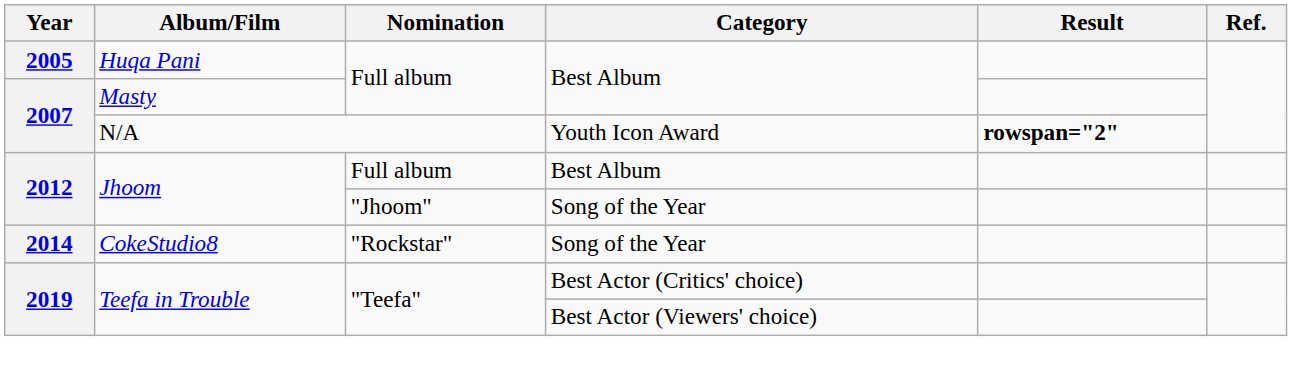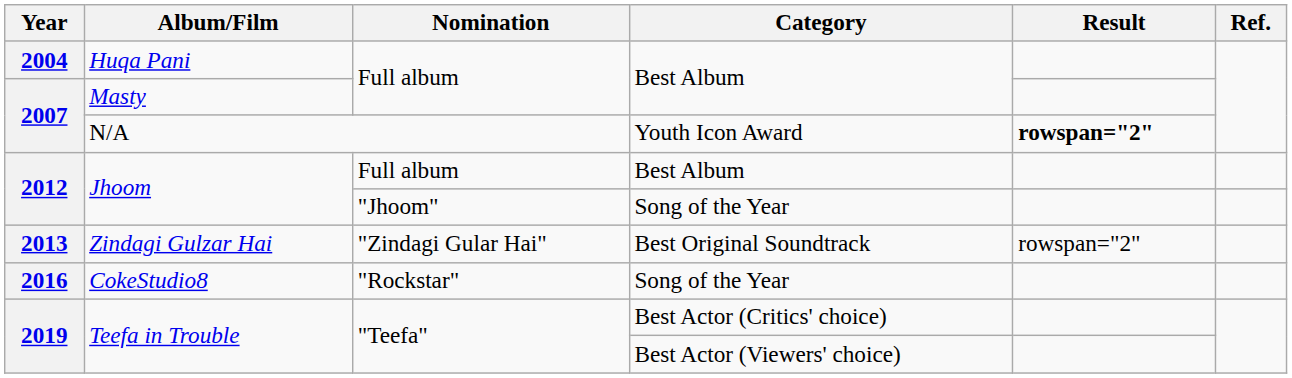 <table class="wikitable plainrowheaders" width="70%" "textcolor:#000;">
 <tr>
 <th>Year</th>
 <th>Album/Film</th>
 <th>Nomination</th>
 <th>Category</th>
 <th>Result</th>
 <th>Ref.</th>
 </tr>
 <tr>
-<th><a href='#'>2005</a></th>
+<th><a href='#'>2004</a></th>
 <td><em><a href='#'>Huqa Pani</a></em></td>
 <td rowspan="2">Full album</td>
 <td rowspan="2">Best Album</td>
 <td></td>
 <td rowspan="3"></td>
 </tr>
 <tr>
 <th rowspan="2"><a href='#'>2007</a></th>
 <td><em><a href='#'>Masty</a></em></td>
 <td></td>
 </tr>
 <tr>
 <td colspan="2">N/A</td>
 <td>Youth Icon Award</td>
 <td><strong>rowspan="2" </strong></td>
 </tr>
 <tr>
 <th rowspan=2><a href='#'>2012</a></th>
 <td rowspan="2"><em><a href='#'>Jhoom</a></em></td>
 <td>Full album</td>
 <td>Best Album</td>
 <td></td>
 </tr>
 <tr>
 <td>"Jhoom"</td>
 <td>Song of the Year</td>
 <td></td>
 <td></td>
 </tr>
 <tr>
-<th><a href='#'>2014</a></th>
+<th><a href='#'>2013</a></th>
+<td><em><a href='#'>Zindagi Gulzar Hai</a></em></td>
+<td>"Zindagi Gular Hai"</td>
+<td>Best Original Soundtrack</td>
+<td>rowspan="2" </td>
+<td></td>
+</tr>
+<tr>
+<th><a href='#'>2016</a></th>
 <td><em><a href='#'>CokeStudio8</a></em></td>
 <td>"Rockstar"</td>
 <td>Song of the Year</td>
 <td></td>
 </tr>
 <tr>
 <th rowspan="2"><a href='#'>2019</a></th>
 <td rowspan="2"><em><a href='#'>Teefa in Trouble</a></em></td>
 <td rowspan="2">"Teefa"</td>
 <td>Best Actor (Critics' choice)</td>
 <td></td>
 <td rowspan="2"></td>
 </tr>
 <tr>
 <td>Best Actor (Viewers' choice)</td>
 <td></td>
 </tr>
 </table>
